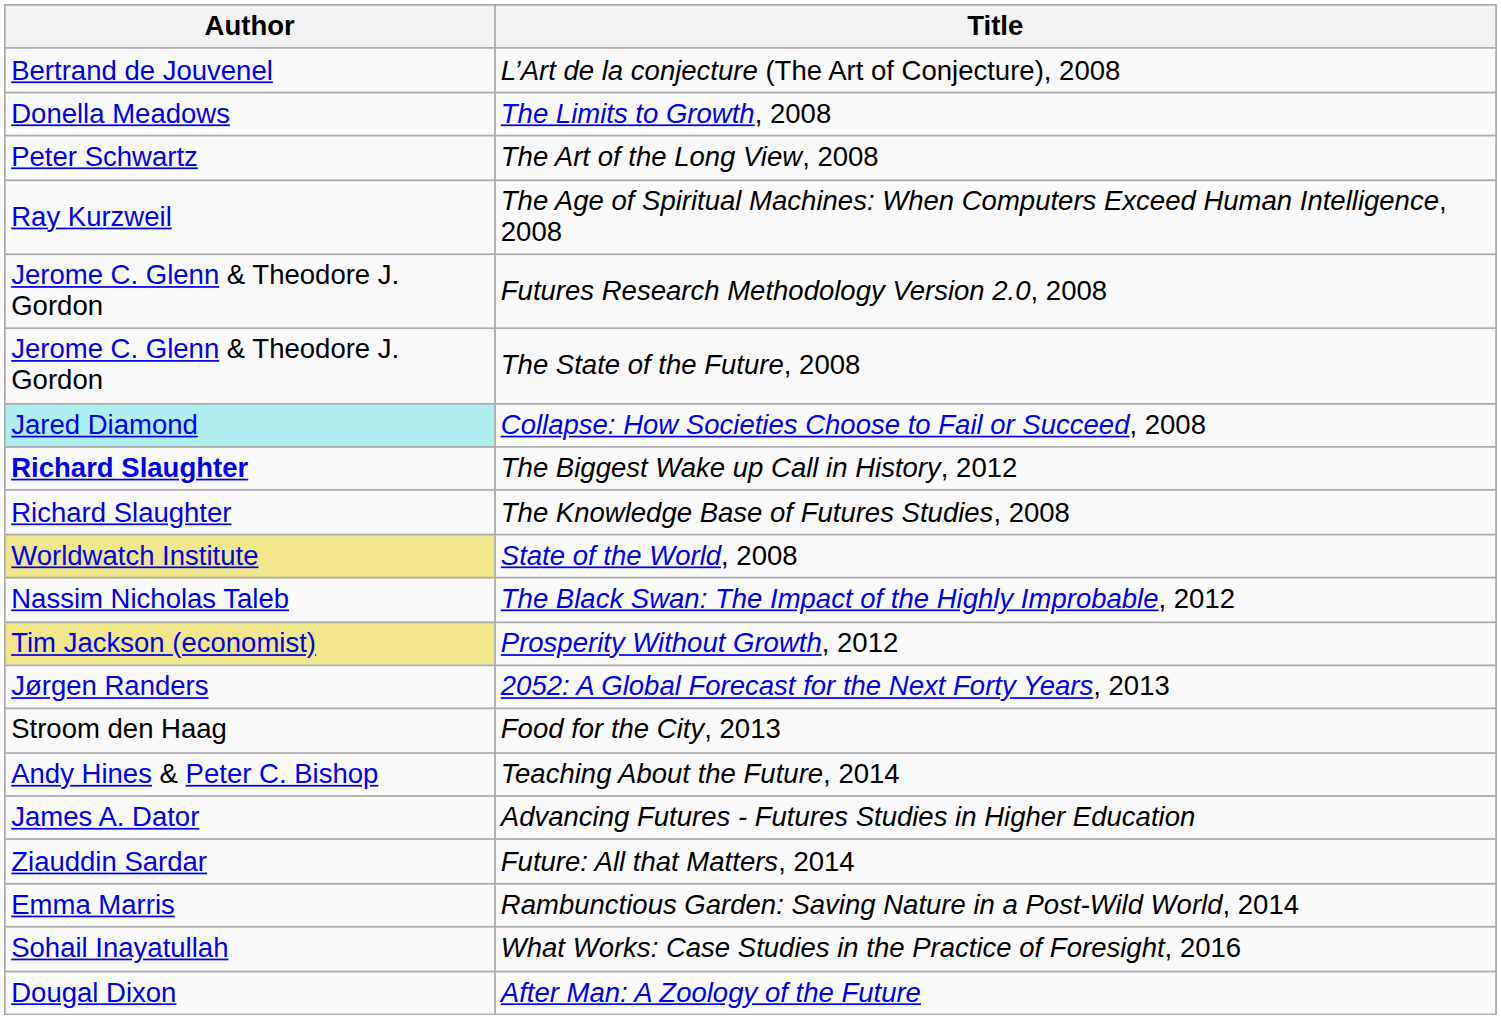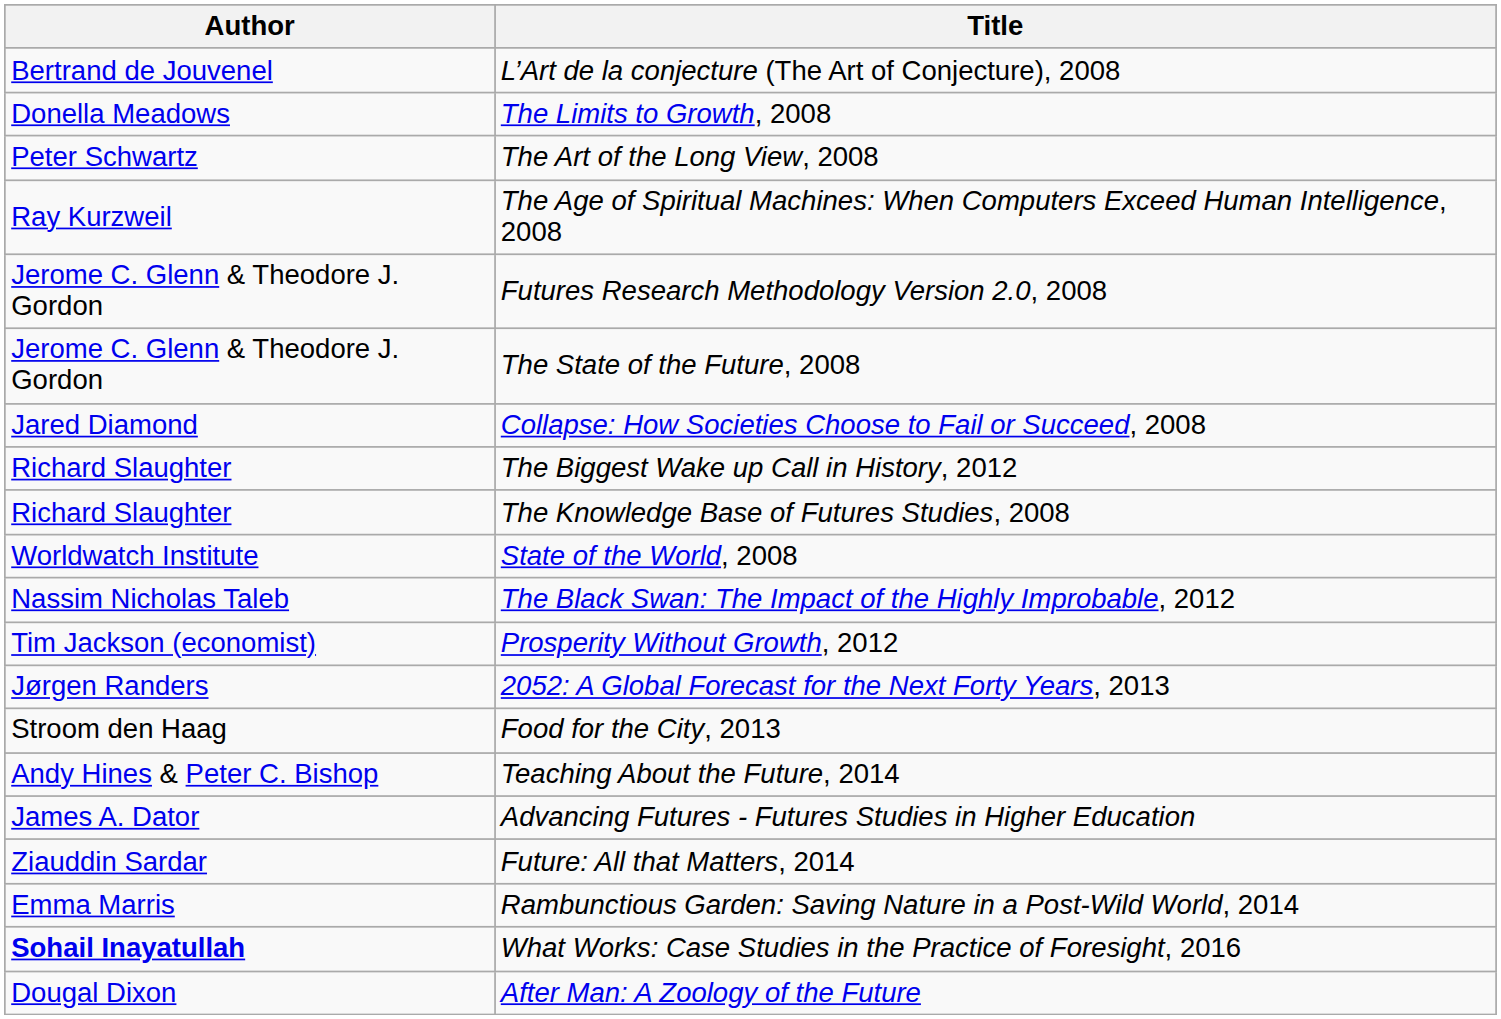 <table class="wikitable">
 <tr>
 <th>Author</th>
 <th>Title</th>
 </tr>
 <tr>
 <td><a href='#'>Bertrand de Jouvenel</a></td>
 <td><em>L’Art de la conjecture</em> (The Art of Conjecture), 2008</td>
 </tr>
 <tr>
 <td><a href='#'>Donella Meadows</a></td>
 <td><em><a href='#'>The Limits to Growth</a></em>, 2008</td>
 </tr>
 <tr>
 <td><a href='#'>Peter Schwartz</a></td>
 <td><em>The Art of the Long View</em>, 2008</td>
 </tr>
 <tr>
 <td><a href='#'>Ray Kurzweil</a></td>
 <td><em>The Age of Spiritual Machines: When Computers Exceed Human Intelligence</em>, 2008</td>
 </tr>
 <tr>
 <td><a href='#'>Jerome C. Glenn</a> & Theodore J. Gordon</td>
 <td><em>Futures Research Methodology Version 2.0</em>, 2008</td>
 </tr>
 <tr>
 <td><a href='#'>Jerome C. Glenn</a> & Theodore J. Gordon</td>
 <td><em>The State of the Future</em>, 2008</td>
 </tr>
 <tr>
-<td style="background: paleturquoise;"><a href='#'>Jared Diamond</a></td>
+<td><a href='#'>Jared Diamond</a></td>
 <td><em><a href='#'>Collapse: How Societies Choose to Fail or Succeed</a></em>, 2008</td>
 </tr>
 <tr>
-<td><strong><a href='#'>Richard Slaughter</a></strong></td>
+<td><a href='#'>Richard Slaughter</a></td>
 <td><em>The Biggest Wake up Call in History</em>, 2012</td>
 </tr>
 <tr>
 <td><a href='#'>Richard Slaughter</a></td>
 <td><em>The Knowledge Base of Futures Studies</em>, 2008</td>
 </tr>
 <tr>
-<td style="background: khaki;"><a href='#'>Worldwatch Institute</a></td>
+<td><a href='#'>Worldwatch Institute</a></td>
 <td><em><a href='#'>State of the World</a></em>, 2008</td>
 </tr>
 <tr>
 <td><a href='#'>Nassim Nicholas Taleb</a></td>
 <td><em><a href='#'>The Black Swan: The Impact of the Highly Improbable</a></em>, 2012</td>
 </tr>
 <tr>
-<td style="background: khaki;"><a href='#'>Tim Jackson (economist)</a></td>
+<td><a href='#'>Tim Jackson (economist)</a></td>
 <td><em><a href='#'>Prosperity Without Growth</a></em>, 2012</td>
 </tr>
 <tr>
 <td><a href='#'>Jørgen Randers</a></td>
 <td><em><a href='#'>2052: A Global Forecast for the Next Forty Years</a></em>, 2013</td>
 </tr>
 <tr>
 <td>Stroom den Haag</td>
 <td><em>Food for the City</em>, 2013</td>
 </tr>
 <tr>
 <td><a href='#'>Andy Hines</a> & <a href='#'>Peter C. Bishop</a></td>
 <td><em>Teaching About the Future</em>, 2014</td>
 </tr>
 <tr>
 <td><a href='#'>James A. Dator</a></td>
 <td><em>Advancing Futures - Futures Studies in Higher Education</em></td>
 </tr>
 <tr>
 <td><a href='#'>Ziauddin Sardar</a></td>
 <td><em>Future: All that Matters</em>, 2014</td>
 </tr>
 <tr>
 <td><a href='#'>Emma Marris</a></td>
 <td><em>Rambunctious Garden: Saving Nature in a Post-Wild World</em>, 2014</td>
 </tr>
 <tr>
-<td><a href='#'>Sohail Inayatullah</a></td>
+<td><strong><a href='#'>Sohail Inayatullah</a></strong></td>
 <td><em>What Works: Case Studies in the Practice of Foresight</em>, 2016</td>
 </tr>
 <tr>
 <td><a href='#'>Dougal Dixon</a></td>
 <td><em><a href='#'>After Man: A Zoology of the Future</a></em></td>
 </tr>
 </table>
